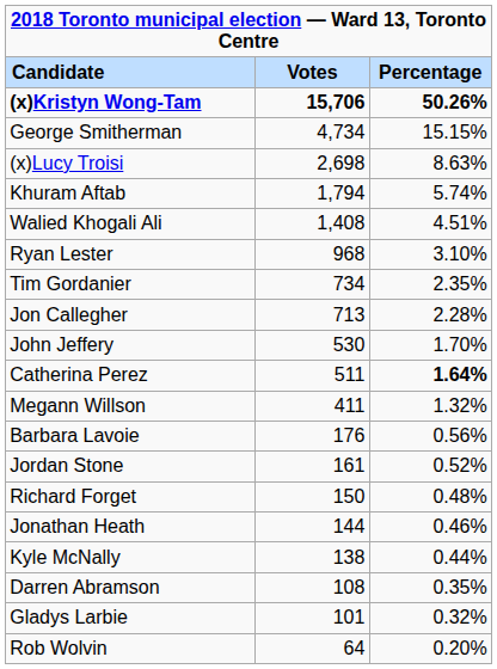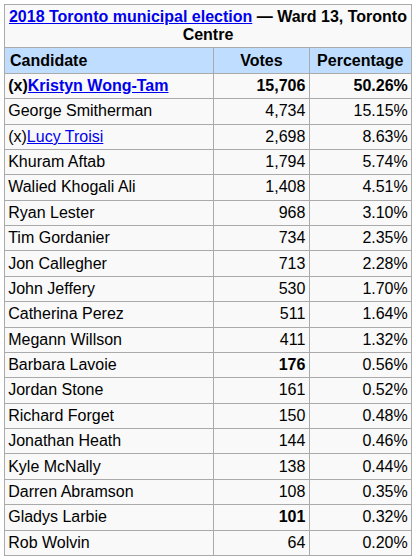 <table class="wikitable">
 <tr>
 <td colspan="3" align="center"><strong><a href='#'>2018 Toronto municipal election</a> — Ward 13, Toronto Centre</strong></td>
 </tr>
 <tr>
 <th scope="col" style="background-color:#bfdeff;width:200px;text-align:left;padding-left:5px;">Candidate</th>
 <th scope="col" style="background-color:#bfdeff;width:88px;">Votes</th>
 <th scope="col" style="background-color:#bfdeff;width:95px;">Percentage</th>
 </tr>
 <tr>
 <td valign="top"><strong>(x)<a href='#'>Kristyn Wong-Tam</a></strong></td>
 <td valign="top" align="right"><strong>15,706</strong></td>
 <td valign="top" align="right"><strong>50.26%</strong></td>
 </tr>
 <tr>
 <td valign="top">George Smitherman</td>
 <td valign="top" align="right">4,734</td>
 <td valign="top" align="right">15.15%</td>
 </tr>
 <tr>
 <td valign="top">(x)<a href='#'>Lucy Troisi</a></td>
 <td valign="top" align="right">2,698</td>
 <td valign="top" align="right">8.63%</td>
 </tr>
 <tr>
 <td valign="top">Khuram Aftab</td>
 <td valign="top" align="right">1,794</td>
 <td valign="top" align="right">5.74%</td>
 </tr>
 <tr>
 <td valign="top">Walied Khogali Ali</td>
 <td valign="top" align="right">1,408</td>
 <td valign="top" align="right">4.51%</td>
 </tr>
 <tr>
 <td valign="top">Ryan Lester</td>
 <td valign="top" align="right">968</td>
 <td valign="top" align="right">3.10%</td>
 </tr>
 <tr>
 <td valign="top">Tim Gordanier</td>
 <td valign="top" align="right">734</td>
 <td valign="top" align="right">2.35%</td>
 </tr>
 <tr>
 <td valign="top">Jon Callegher</td>
 <td valign="top" align="right">713</td>
 <td valign="top" align="right">2.28%</td>
 </tr>
 <tr>
 <td valign="top">John Jeffery</td>
 <td valign="top" align="right">530</td>
 <td valign="top" align="right">1.70%</td>
 </tr>
 <tr>
 <td valign="top">Catherina Perez</td>
 <td valign="top" align="right">511</td>
-<td valign="top" align="right"><strong>1.64%</strong></td>
+<td valign="top" align="right">1.64%</td>
 </tr>
 <tr>
 <td valign="top">Megann Willson</td>
 <td valign="top" align="right">411</td>
 <td valign="top" align="right">1.32%</td>
 </tr>
 <tr>
 <td valign="top">Barbara Lavoie</td>
-<td valign="top" align="right">176</td>
+<td valign="top" align="right"><strong>176</strong></td>
 <td valign="top" align="right">0.56%</td>
 </tr>
 <tr>
 <td valign="top">Jordan Stone</td>
 <td valign="top" align="right">161</td>
 <td valign="top" align="right">0.52%</td>
 </tr>
 <tr>
 <td valign="top">Richard Forget</td>
 <td valign="top" align="right">150</td>
 <td valign="top" align="right">0.48%</td>
 </tr>
 <tr>
 <td valign="top">Jonathan Heath</td>
 <td valign="top" align="right">144</td>
 <td valign="top" align="right">0.46%</td>
 </tr>
 <tr>
 <td valign="top">Kyle  McNally</td>
 <td valign="top" align="right">138</td>
 <td valign="top" align="right">0.44%</td>
 </tr>
 <tr>
 <td valign="top">Darren Abramson</td>
 <td valign="top" align="right">108</td>
 <td valign="top" align="right">0.35%</td>
 </tr>
 <tr>
 <td valign="top">Gladys Larbie</td>
-<td valign="top" align="right">101</td>
+<td valign="top" align="right"><strong>101</strong></td>
 <td valign="top" align="right">0.32%</td>
 </tr>
 <tr>
 <td valign="top">Rob Wolvin</td>
 <td valign="top" align="right">64</td>
 <td valign="top" align="right">0.20%</td>
 </tr>
 <tr>
 </tr>
 </table>
